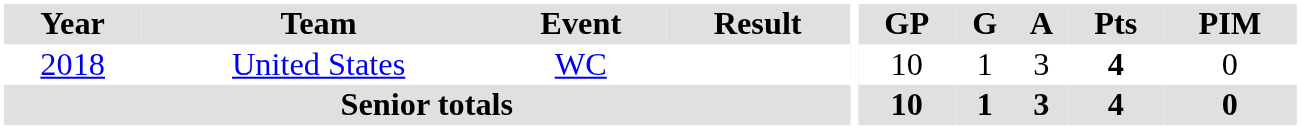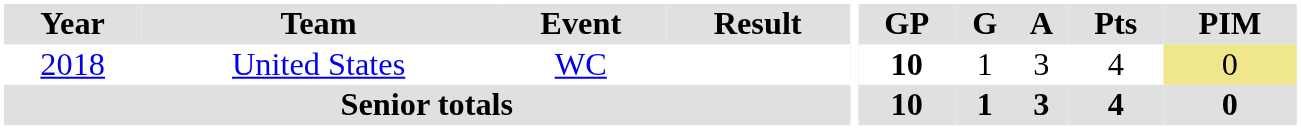 <table border="0" cellpadding="1" cellspacing="0" ID="Table3" style="text-align:center; width:40em">
 <tr ALIGN="center" bgcolor="#e0e0e0">
 <th>Year</th>
 <th>Team</th>
 <th>Event</th>
 <th>Result</th>
 <th rowspan="99" bgcolor="#ffffff"></th>
 <th>GP</th>
 <th>G</th>
 <th>A</th>
 <th>Pts</th>
 <th>PIM</th>
 </tr>
 <tr>
 <td><a href='#'>2018</a></td>
 <td><a href='#'>United States</a></td>
 <td><a href='#'>WC</a></td>
 <td></td>
-<td>10</td>
+<td><strong>10</strong></td>
 <td>1</td>
 <td>3</td>
-<td><strong>4</strong></td>
-<td>0</td>
+<td>4</td>
+<td style="background: khaki;">0</td>
 </tr>
 <tr ALIGN="center" bgcolor="#e0e0e0">
 <th colspan=4>Senior totals</th>
 <th>10</th>
 <th>1</th>
 <th>3</th>
 <th>4</th>
 <th>0</th>
 </tr>
 </table>
